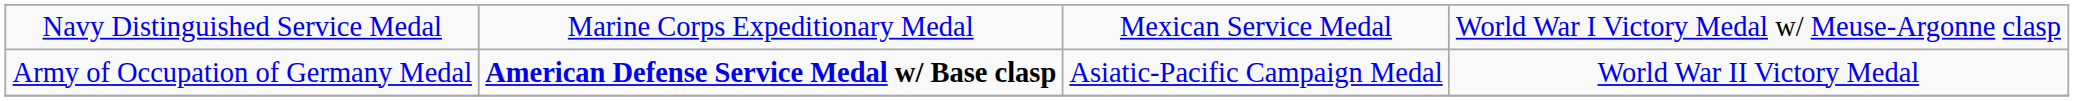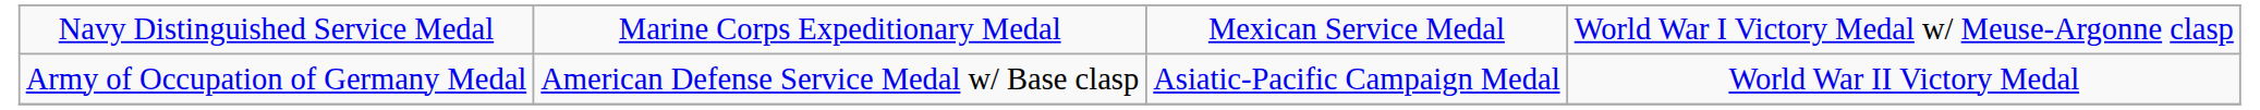 <table class="wikitable" style="margin:1em auto; text-align:center;">
 <tr>
 <td><a href='#'>Navy Distinguished Service Medal</a></td>
 <td><a href='#'>Marine Corps Expeditionary Medal</a></td>
 <td><a href='#'>Mexican Service Medal</a></td>
 <td><a href='#'>World War I Victory Medal</a> w/ <a href='#'>Meuse-Argonne</a> <a href='#'>clasp</a></td>
 </tr>
 <tr>
 <td><a href='#'>Army of Occupation of Germany Medal</a></td>
-<td><strong><a href='#'>American Defense Service Medal</a> w/ Base clasp</strong></td>
+<td><a href='#'>American Defense Service Medal</a> w/ Base clasp</td>
 <td><a href='#'>Asiatic-Pacific Campaign Medal</a></td>
 <td><a href='#'>World War II Victory Medal</a></td>
 </tr>
 <tr>
 </tr>
 </table>
